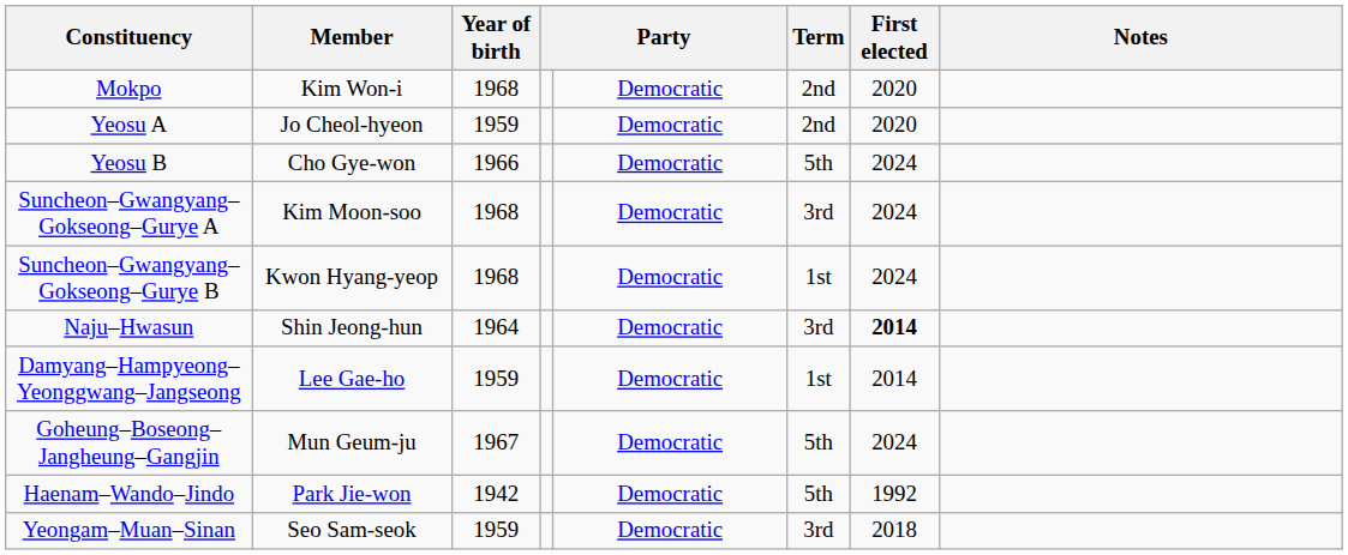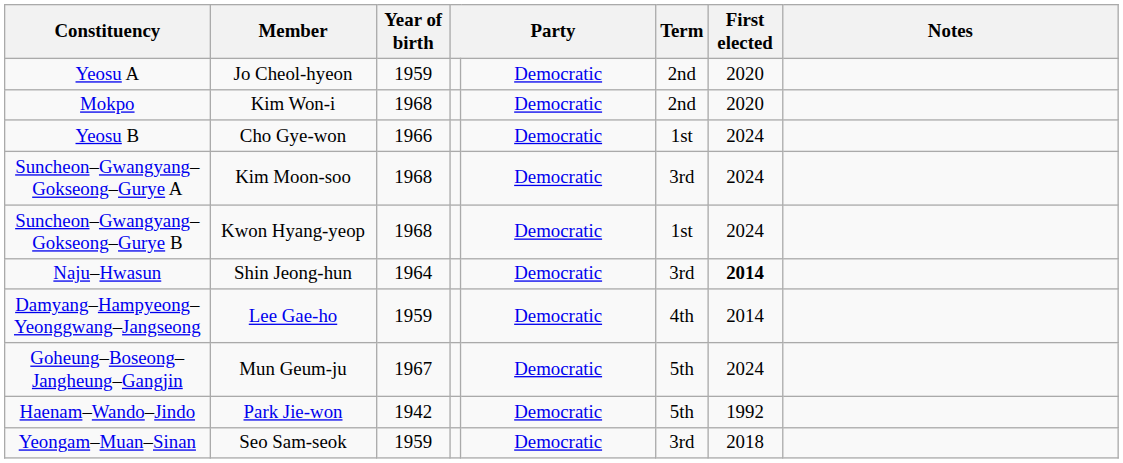 <table class="wikitable sortable" style="font-size:90%; text-align:center">
 <tr>
 <th scope="col" style="width:150px;">Constituency</th>
 <th scope="col" style="width:120px;">Member</th>
 <th scope="col" style="width:50px;">Year of birth</th>
 <th scope="col" style="width:150px;" colspan="2">Party</th>
 <th scope="col" style="width:20px;">Term</th>
 <th scope="col" style="width:50px;">First elected</th>
 <th scope="col" style="width:250px;" class="unsortable">Notes</th>
+</tr>
+<tr>
+<td><a href='#'>Yeosu</a> A</td>
+<td>Jo Cheol-hyeon</td>
+<td>1959</td>
+<td scope="row" style="background-color:"></td>
+<td><a href='#'>Democratic</a></td>
+<td>2nd</td>
+<td>2020</td>
+<td></td>
 </tr>
 <tr>
 <td><a href='#'>Mokpo</a></td>
 <td>Kim Won-i</td>
 <td>1968</td>
 <td scope="row" width="1" style="background-color:"></td>
 <td><a href='#'>Democratic</a></td>
 <td>2nd</td>
 <td>2020</td>
 <td></td>
 </tr>
 <tr>
-<td><a href='#'>Yeosu</a> A</td>
-<td>Jo Cheol-hyeon</td>
-<td>1959</td>
-<td scope="row" style="background-color:"></td>
-<td><a href='#'>Democratic</a></td>
-<td>2nd</td>
-<td>2020</td>
-<td></td>
-</tr>
-<tr>
 <td><a href='#'>Yeosu</a> B</td>
 <td>Cho Gye-won</td>
 <td>1966</td>
 <td scope="row" style="background-color:"></td>
 <td><a href='#'>Democratic</a></td>
-<td>5th</td>
+<td>1st</td>
 <td>2024</td>
 <td></td>
 </tr>
 <tr>
 <td><a href='#'>Suncheon</a>–<a href='#'>Gwangyang</a>–<a href='#'>Gokseong</a>–<a href='#'>Gurye</a> A</td>
 <td>Kim Moon-soo</td>
 <td>1968</td>
 <td scope="row" style="background-color:"></td>
 <td><a href='#'>Democratic</a></td>
 <td>3rd</td>
 <td>2024</td>
 <td></td>
 </tr>
 <tr>
 <td><a href='#'>Suncheon</a>–<a href='#'>Gwangyang</a>–<a href='#'>Gokseong</a>–<a href='#'>Gurye</a> B</td>
 <td>Kwon Hyang-yeop</td>
 <td>1968</td>
 <td scope="row" style="background-color:"></td>
 <td><a href='#'>Democratic</a></td>
 <td>1st</td>
 <td>2024</td>
 <td></td>
 </tr>
 <tr>
 <td><a href='#'>Naju</a>–<a href='#'>Hwasun</a></td>
 <td>Shin Jeong-hun</td>
 <td>1964</td>
 <td scope="row" style="background-color:"></td>
 <td><a href='#'>Democratic</a></td>
 <td>3rd</td>
 <td><strong>2014</strong></td>
 <td></td>
 </tr>
 <tr>
 <td><a href='#'>Damyang</a>–<a href='#'>Hampyeong</a>–<a href='#'>Yeonggwang</a>–<a href='#'>Jangseong</a></td>
 <td><a href='#'>Lee Gae-ho</a></td>
 <td>1959</td>
 <td scope="row" style="background-color:"></td>
 <td><a href='#'>Democratic</a></td>
-<td>1st</td>
+<td>4th</td>
 <td>2014</td>
 <td></td>
 </tr>
 <tr>
 <td><a href='#'>Goheung</a>–<a href='#'>Boseong</a>–<a href='#'>Jangheung</a>–<a href='#'>Gangjin</a></td>
 <td>Mun Geum-ju</td>
 <td>1967</td>
 <td scope="row" style="background-color:"></td>
 <td><a href='#'>Democratic</a></td>
 <td>5th</td>
 <td>2024</td>
 <td></td>
 </tr>
 <tr>
 <td><a href='#'>Haenam</a>–<a href='#'>Wando</a>–<a href='#'>Jindo</a></td>
 <td><a href='#'>Park Jie-won</a></td>
 <td>1942</td>
 <td scope="row" style="background-color:"></td>
 <td><a href='#'>Democratic</a></td>
 <td>5th</td>
 <td>1992</td>
 <td></td>
 </tr>
 <tr>
 <td><a href='#'>Yeongam</a>–<a href='#'>Muan</a>–<a href='#'>Sinan</a></td>
 <td>Seo Sam-seok</td>
 <td>1959</td>
 <td scope="row" style="background-color:"></td>
 <td><a href='#'>Democratic</a></td>
 <td>3rd</td>
 <td>2018</td>
 <td></td>
 </tr>
 </table>
